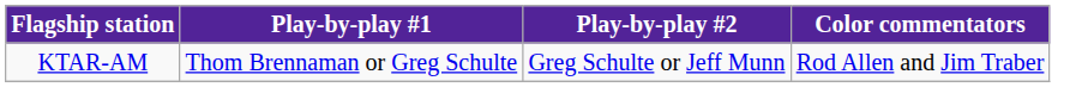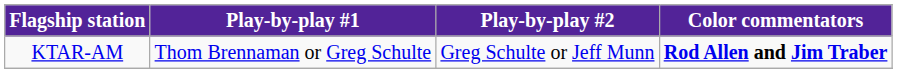 <table class="wikitable">
 <tr>
 <th style="background:#522398;color:white;">Flagship station</th>
 <th style="background:#522398;color:white;">Play-by-play #1</th>
 <th style="background:#522398;color:white;">Play-by-play #2</th>
 <th style="background:#522398;color:white;">Color commentators</th>
 </tr>
 <tr align="center">
 <td><a href='#'>KTAR-AM</a></td>
 <td><a href='#'>Thom Brennaman</a> or <a href='#'>Greg Schulte</a></td>
 <td><a href='#'>Greg Schulte</a> or <a href='#'>Jeff Munn</a></td>
-<td><a href='#'>Rod Allen</a> and <a href='#'>Jim Traber</a></td>
+<td><strong><a href='#'>Rod Allen</a> and <a href='#'>Jim Traber</a></strong></td>
 </tr>
 <tr>
 </tr>
 </table>
